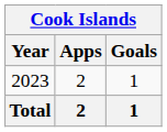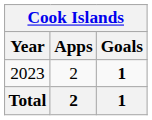 <table class="wikitable" style="text-align:center">
 <tr>
 <th colspan=3><a href='#'>Cook Islands</a></th>
 </tr>
 <tr>
 <th>Year</th>
 <th>Apps</th>
 <th>Goals</th>
 </tr>
 <tr>
 <td>2023</td>
 <td>2</td>
-<td>1</td>
+<td><strong>1</strong></td>
 </tr>
 <tr>
 <th>Total</th>
 <th>2</th>
 <th>1</th>
 </tr>
 </table>
